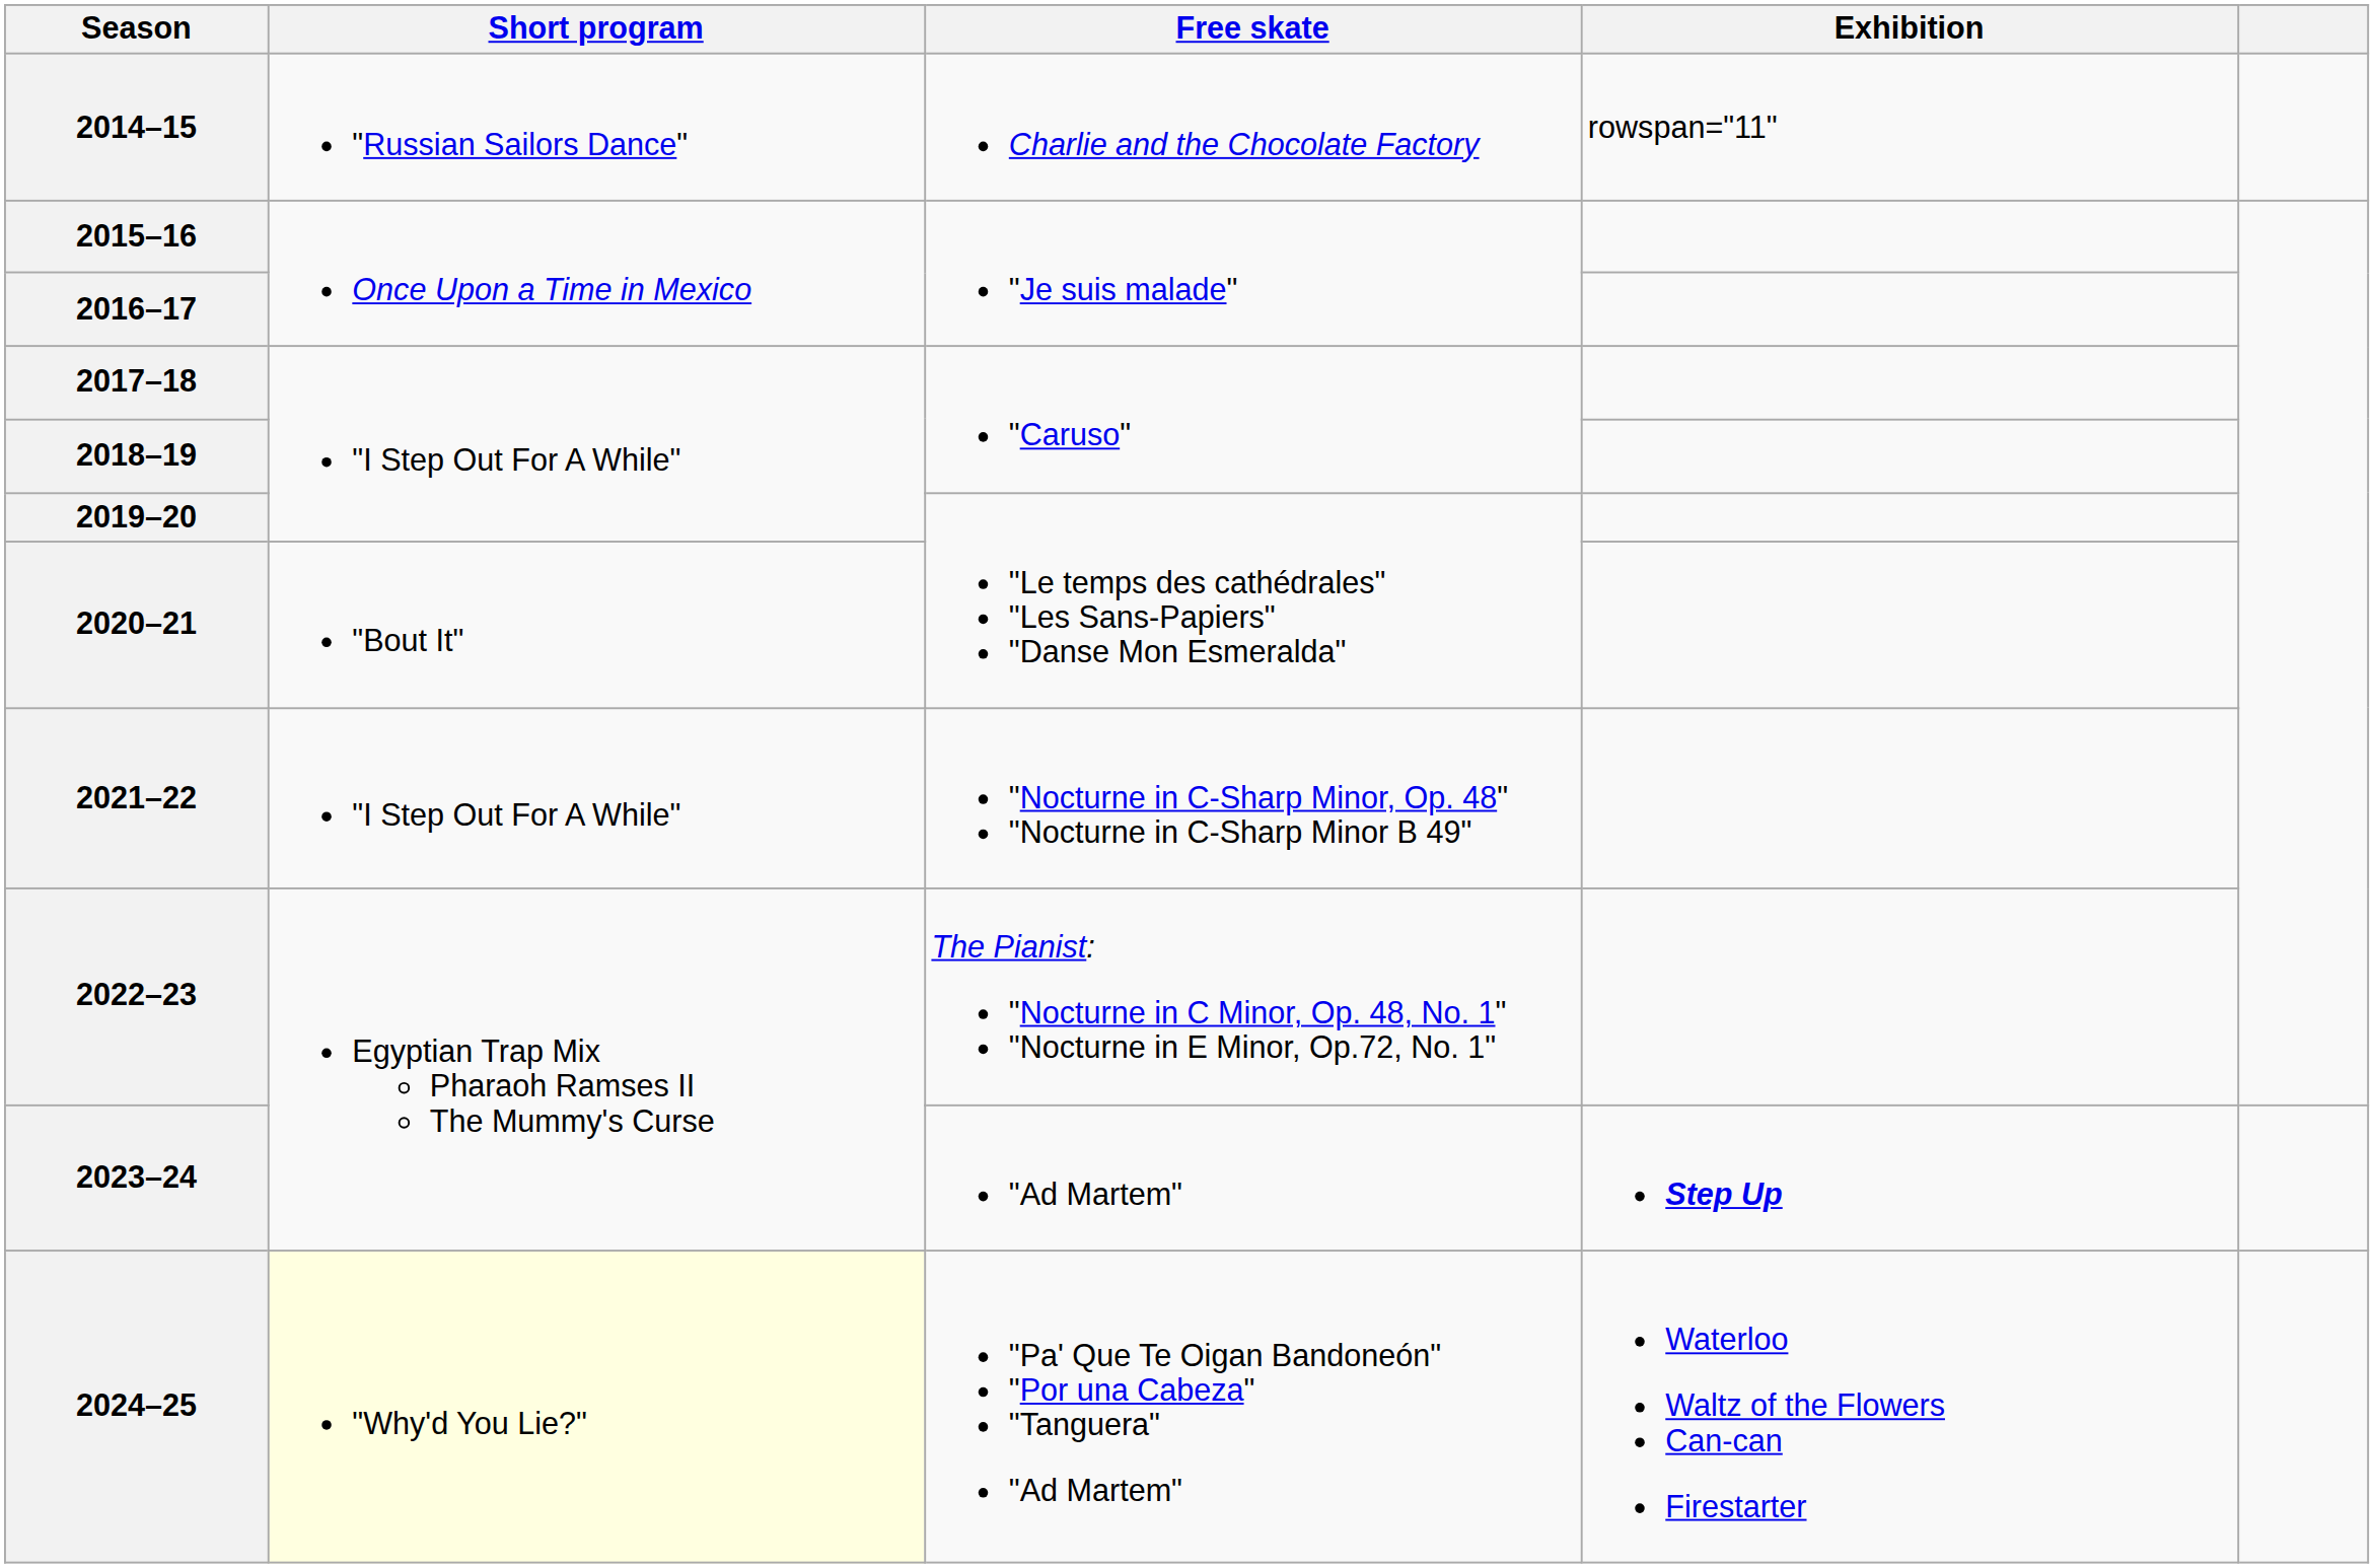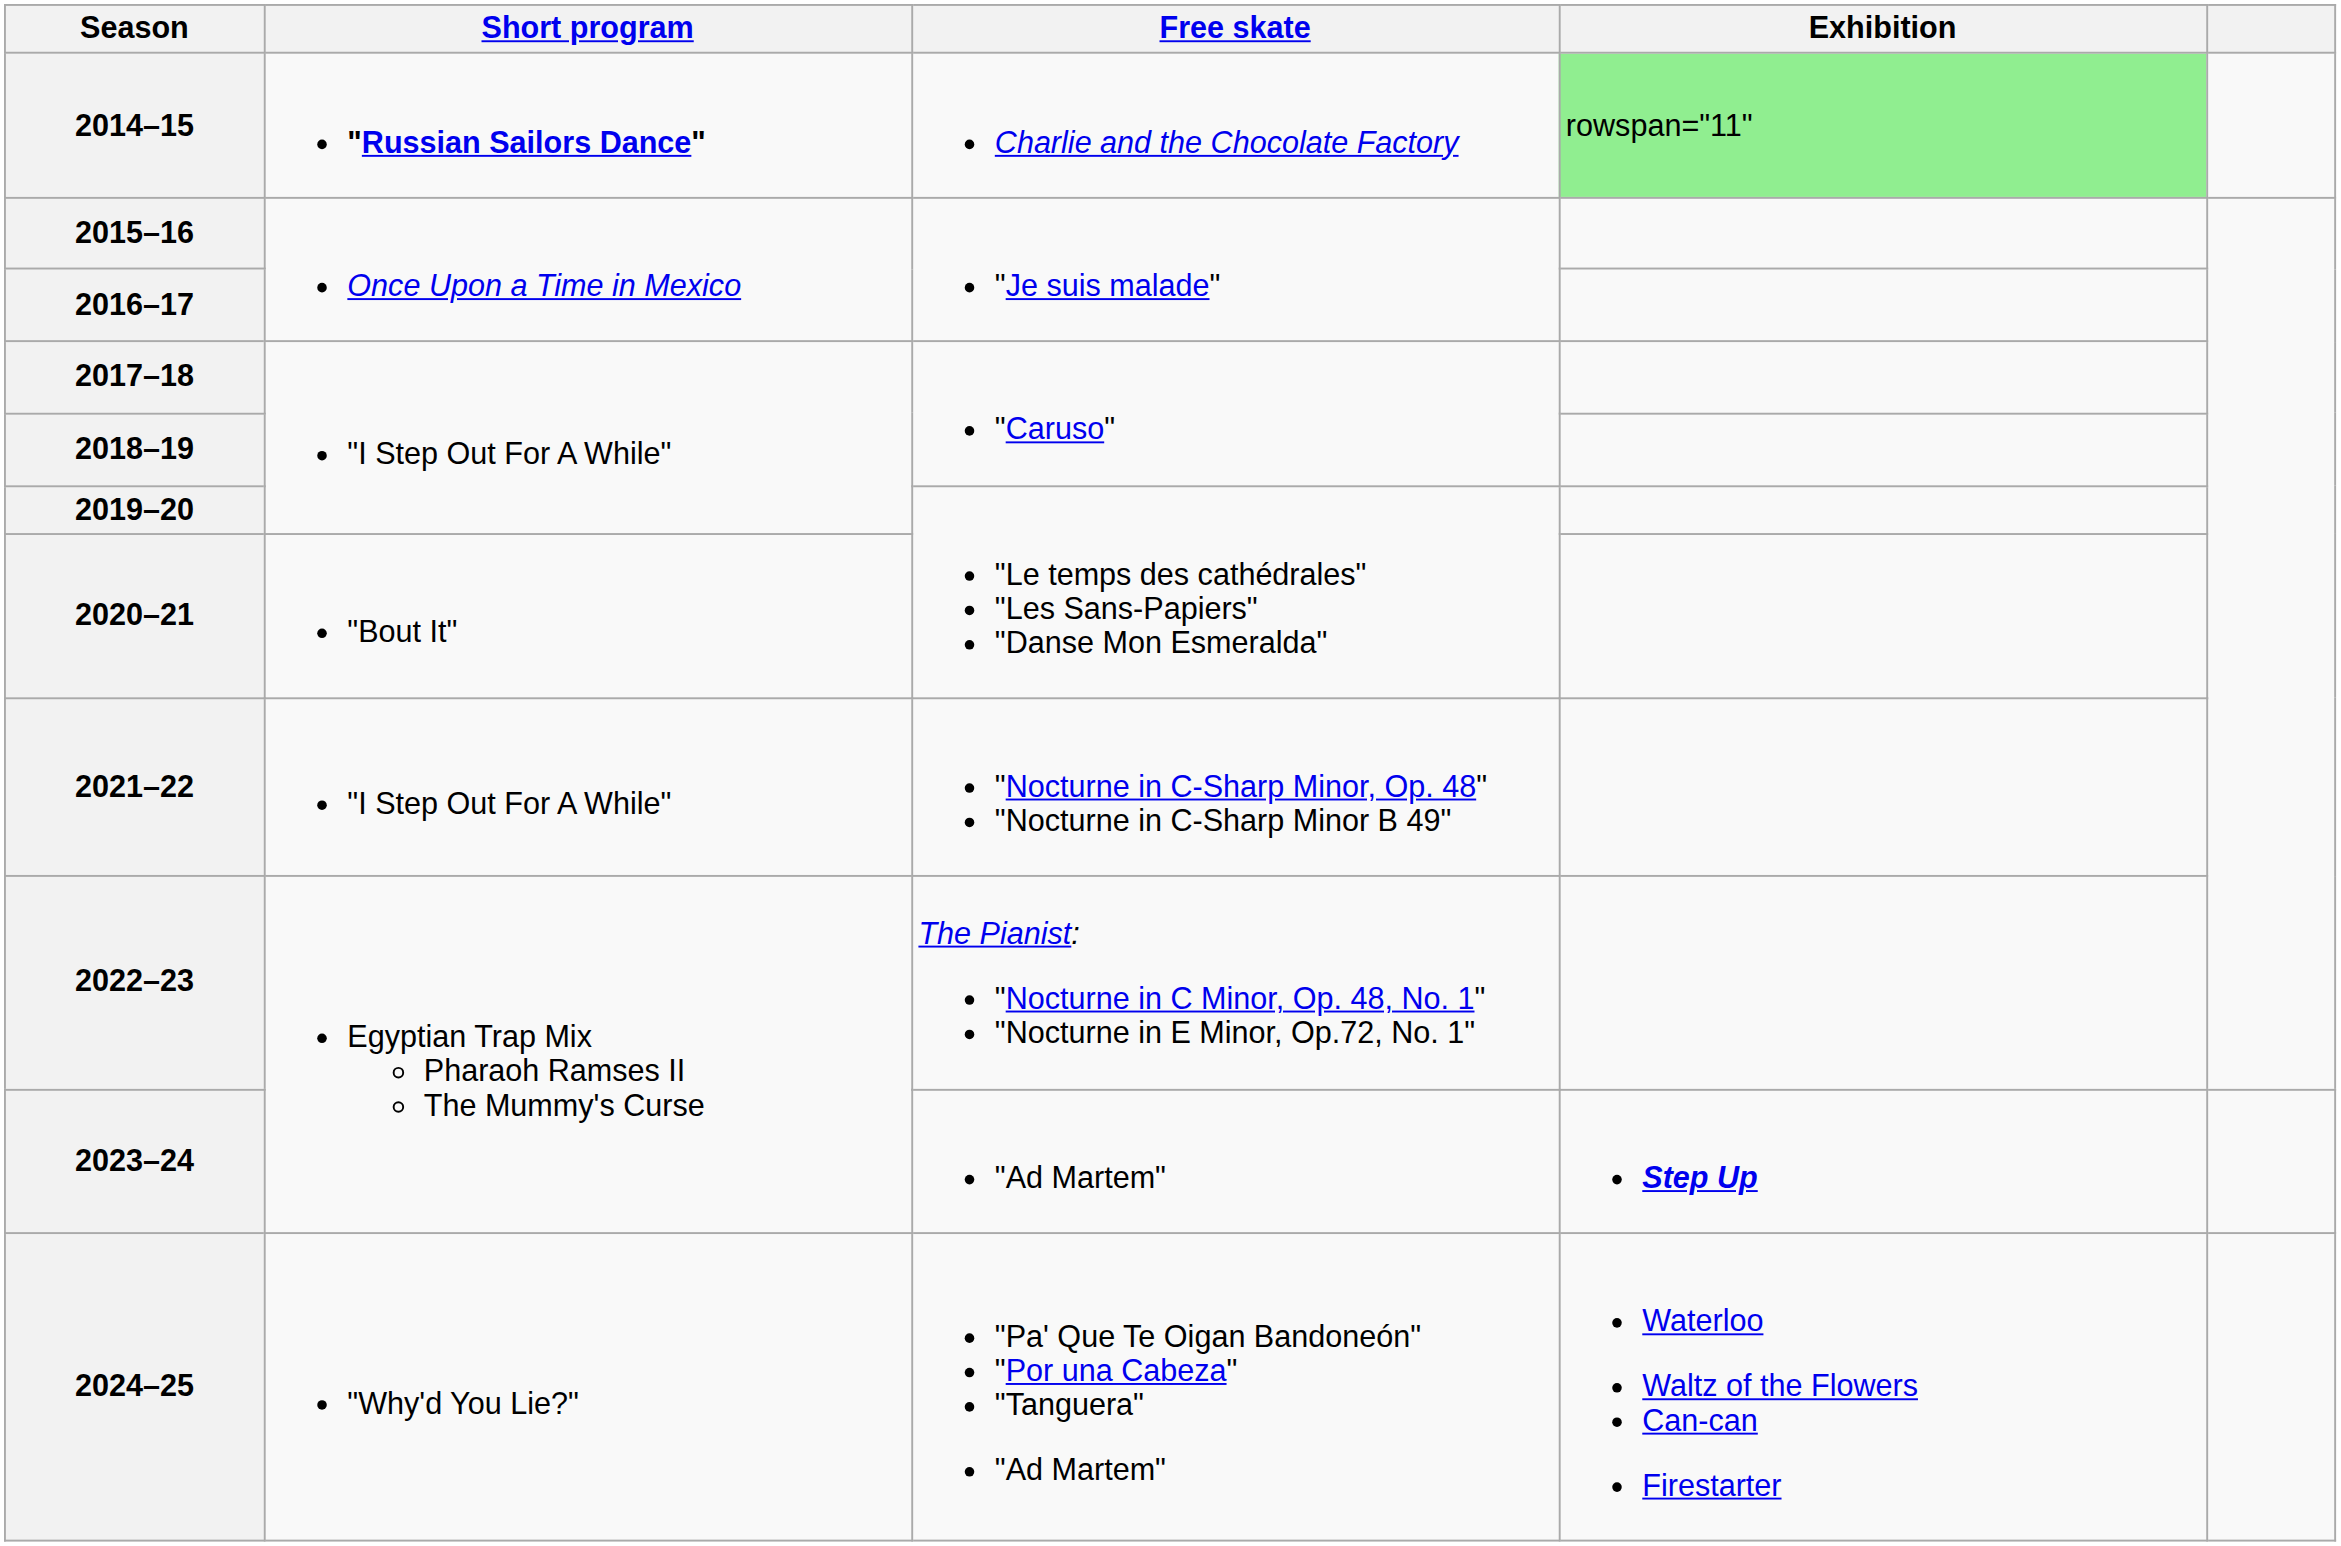 <table class="wikitable unsortable" style="text-align:left">
 <tr>
 <th scope="col" style="text-align:center; width:10%">Season</th>
 <th scope="col" style="text-align:center; width:25%"><a href='#'>Short program</a></th>
 <th scope="col" style="text-align:center; width:25%"><a href='#'>Free skate</a></th>
 <th scope="col" style="text-align:center; width:25%">Exhibition</th>
 <th scope="col" style="text-align:center; width:5%"></th>
 </tr>
 <tr>
 <th scope="row">2014–15</th>
-<td><br><ul><li>"<a href='#'>Russian Sailors Dance</a>"<br></li></ul></td>
+<td><strong><br><ul><li>"<a href='#'>Russian Sailors Dance</a>"<br></li></ul></strong></td>
 <td><br><ul><li><em><a href='#'>Charlie and the Chocolate Factory</a></em><br></li></ul></td>
-<td>rowspan="11" </td>
+<td style="background: lightgreen;">rowspan="11" </td>
 <td></td>
 </tr>
 <tr>
 <th scope="row">2015–16</th>
 <td rowspan="2"><br><ul><li><em><a href='#'>Once Upon a Time in Mexico</a></em><br></li></ul></td>
 <td rowspan="2"><br><ul><li>"<a href='#'>Je suis malade</a>"<br></li></ul></td>
 <td></td>
 </tr>
 <tr>
 <th scope="row">2016–17</th>
 <td></td>
 </tr>
 <tr>
 <th scope="row">2017–18</th>
 <td rowspan="3"><br><ul><li>"I Step Out For A While"<br></li></ul></td>
 <td rowspan="2"><br><ul><li>"<a href='#'>Caruso</a>"<br></li></ul></td>
 <td></td>
 </tr>
 <tr>
 <th scope="row">2018–19</th>
 <td></td>
 </tr>
 <tr>
 <th scope="row">2019–20</th>
 <td rowspan="2"><br><ul><li>"Le temps des cathédrales"<br></li><li>"Les Sans-Papiers"<br></li><li>"Danse Mon Esmeralda"<br></li></ul></td>
 <td></td>
 </tr>
 <tr>
 <th scope="row">2020–21</th>
 <td rowspan="2"><br><ul><li>"Bout It"<br></li></ul></td>
 <td></td>
 </tr>
 <tr>
 <th scope="row" rowspan="2">2021–22</th>
 <td rowspan="2"><br><ul><li>"<a href='#'>Nocturne in C-Sharp Minor, Op. 48</a>"</li><li>"Nocturne in C-Sharp Minor B 49"<br></li></ul></td>
 <td rowspan="2"></td>
 </tr>
 <tr>
 <td><br><ul><li>"I Step Out For A While"<br></li></ul></td>
 </tr>
 <tr>
 <th scope="row" rowspan="2">2022–23</th>
 <td rowspan="3"><br><ul><li>Egyptian Trap Mix<br><ul><li>Pharaoh Ramses II<br></li><li>The Mummy's Curse<br></li></ul></li></ul></td>
 <td><br><em><a href='#'>The Pianist</a>:</em><ul><li>"<a href='#'>Nocturne in C Minor, Op. 48, No. 1</a>"</li><li>"Nocturne in E Minor, Op.72, No. 1"<br></li></ul></td>
 <td rowspan="2"></td>
 </tr>
 <tr>
 <td rowspan="2"><br><ul><li>"Ad Martem"<br></li></ul></td>
 </tr>
 <tr>
 <th scope="row">2023–24</th>
 <td><strong><br><ul><li><em><a href='#'>Step Up</a></em><br></li></ul></strong></td>
 <td></td>
 </tr>
 <tr>
 <th scope="row">2024–25</th>
-<td style="background: lightyellow;"><br><ul><li>"Why'd You Lie?"<br></li></ul></td>
+<td><br><ul><li>"Why'd You Lie?"<br></li></ul></td>
 <td><br><ul><li>"Pa' Que Te Oigan Bandoneón"<br></li><li>"<a href='#'>Por una Cabeza</a>"<br></li><li>"Tanguera"<br></li></ul><ul><li>"Ad Martem"<br></li></ul></td>
 <td><br><ul><li><a href='#'>Waterloo</a> <br> </li></ul><ul><li><a href='#'>Waltz of the Flowers</a> <br> </li><li><a href='#'>Can-can</a> <br> </li></ul><ul><li><a href='#'>Firestarter</a> <br> </li></ul></td>
 <td></td>
 </tr>
 </table>
